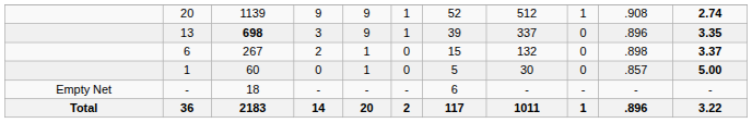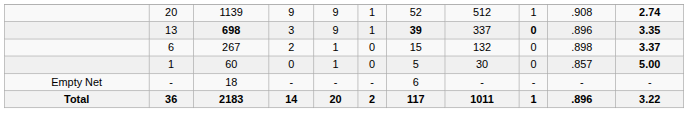 <table class="wikitable sortable" width ="1000">
 <tr align="center">
 </tr>
 <tr align="center" bgcolor="">
 <td></td>
 <td>20</td>
 <td>1139</td>
 <td>9</td>
 <td>9</td>
 <td>1</td>
 <td>52</td>
 <td>512</td>
 <td>1</td>
 <td>.908</td>
 <td><strong>2.74</strong></td>
 </tr>
 <tr align="center" bgcolor="f0f0f0">
 <td></td>
 <td>13</td>
 <td><strong>698</strong></td>
 <td>3</td>
 <td>9</td>
 <td>1</td>
-<td>39</td>
+<td><strong>39</strong></td>
 <td>337</td>
-<td>0</td>
+<td><strong>0</strong></td>
 <td>.896</td>
 <td><strong>3.35</strong></td>
 </tr>
 <tr align="center" bgcolor="">
 <td></td>
 <td>6</td>
 <td>267</td>
 <td>2</td>
 <td>1</td>
 <td>0</td>
 <td>15</td>
 <td>132</td>
 <td>0</td>
 <td>.898</td>
 <td><strong>3.37</strong></td>
 </tr>
 <tr align="center" bgcolor="f0f0f0">
 <td></td>
 <td>1</td>
 <td>60</td>
 <td>0</td>
 <td>1</td>
 <td>0</td>
 <td>5</td>
 <td>30</td>
 <td>0</td>
 <td>.857</td>
 <td><strong>5.00</strong></td>
 </tr>
 <tr align="center" bgcolor="">
 <td>Empty Net</td>
 <td>-</td>
 <td>18</td>
 <td>-</td>
 <td>-</td>
 <td>-</td>
 <td>6</td>
 <td>-</td>
 <td>-</td>
 <td>-</td>
 <td>-</td>
 </tr>
 <tr>
 <th>Total</th>
 <th>36</th>
 <th>2183</th>
 <th>14</th>
 <th>20</th>
 <th>2</th>
 <th>117</th>
 <th>1011</th>
 <th>1</th>
 <th>.896</th>
 <th>3.22</th>
 </tr>
 </table>
